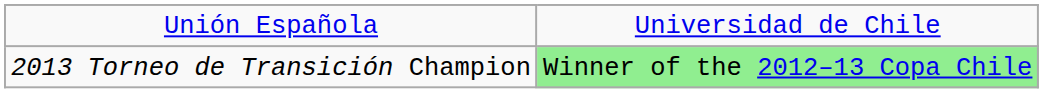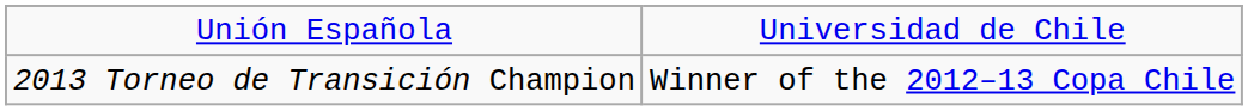 <table class="wikitable" style="text-align:center">
 <tr>
 <td> <a href='#'>Unión Española</a></td>
 <td> <a href='#'>Universidad de Chile</a></td>
 </tr>
 <tr>
 <td><em>2013 Torneo de Transición</em> Champion</td>
-<td style="background: lightgreen;">Winner of the <a href='#'>2012–13 Copa Chile</a></td>
+<td>Winner of the <a href='#'>2012–13 Copa Chile</a></td>
 </tr>
 </table>
